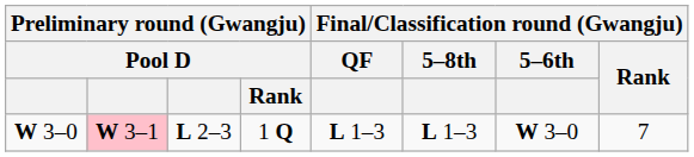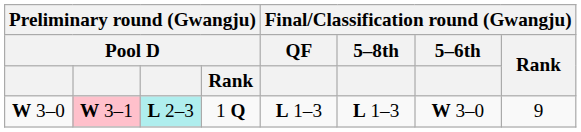 <table class="wikitable" style="font-size:100%;">
 <tr>
 <th colspan=4>Preliminary round  (Gwangju)</th>
 <th colspan=4>Final/Classification round (Gwangju)</th>
 </tr>
 <tr>
 <th colspan=4>Pool D</th>
 <th>QF</th>
 <th>5–8th</th>
 <th>5–6th</th>
 <th rowspan=2>Rank</th>
 </tr>
 <tr>
 <th></th>
 <th></th>
 <th></th>
 <th>Rank</th>
 <th></th>
 <th></th>
 <th></th>
 </tr>
 <tr align=center>
 <td><strong>W</strong> 3–0</td>
 <td style="background: pink;"><strong>W</strong> 3–1</td>
-<td><strong>L</strong> 2–3</td>
+<td style="background: paleturquoise;"><strong>L</strong> 2–3</td>
 <td>1 <strong>Q</strong></td>
 <td><strong>L</strong> 1–3</td>
 <td><strong>L</strong> 1–3</td>
 <td><strong>W</strong> 3–0</td>
-<td>7</td>
+<td>9</td>
 </tr>
 </table>
